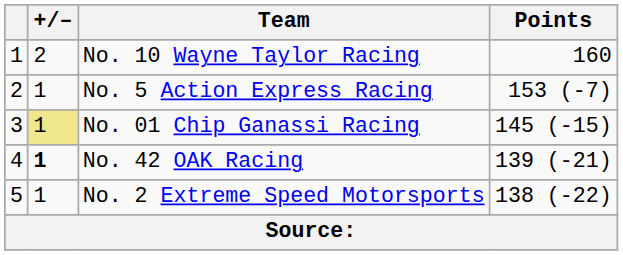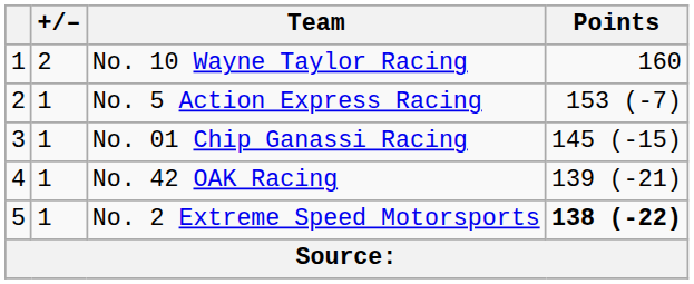 <table class="wikitable" style="font-size: 95%;">
 <tr>
 <th scope="col"></th>
 <th scope="col">+/–</th>
 <th scope="col">Team</th>
 <th scope="col">Points</th>
 </tr>
 <tr>
 <td align=center>1</td>
 <td align="left"> 2</td>
 <td> No. 10 <a href='#'>Wayne Taylor Racing</a></td>
 <td align=right>160</td>
 </tr>
 <tr>
 <td align=center>2</td>
 <td align="left"> 1</td>
 <td> No. 5 <a href='#'>Action Express Racing</a></td>
 <td align=right>153 (-7)</td>
 </tr>
 <tr>
 <td align=center>3</td>
-<td align="left" style="background: khaki;"> 1</td>
+<td align="left"> 1</td>
 <td> No. 01 <a href='#'>Chip Ganassi Racing</a></td>
 <td align=right>145 (-15)</td>
 </tr>
 <tr>
 <td align=center>4</td>
-<td align="left"><strong> 1</strong></td>
+<td align="left"> 1</td>
 <td> No. 42 <a href='#'>OAK Racing</a></td>
 <td align=right>139 (-21)</td>
 </tr>
 <tr>
 <td align=center>5</td>
 <td align="left"> 1</td>
 <td> No. 2 <a href='#'>Extreme Speed Motorsports</a></td>
-<td align=right>138 (-22)</td>
+<td align=right><strong>138 (-22)</strong></td>
 </tr>
 <tr>
 <th colspan=5>Source:</th>
 </tr>
 </table>
